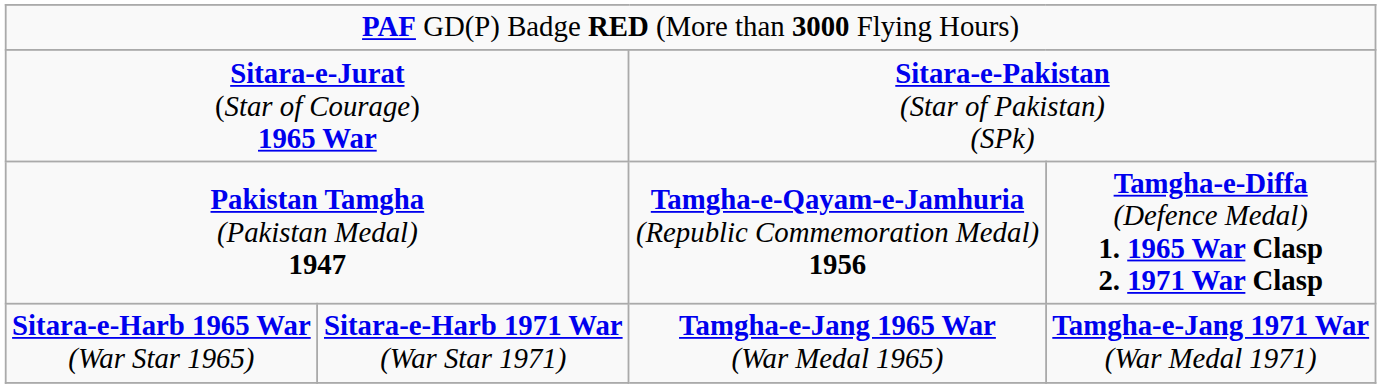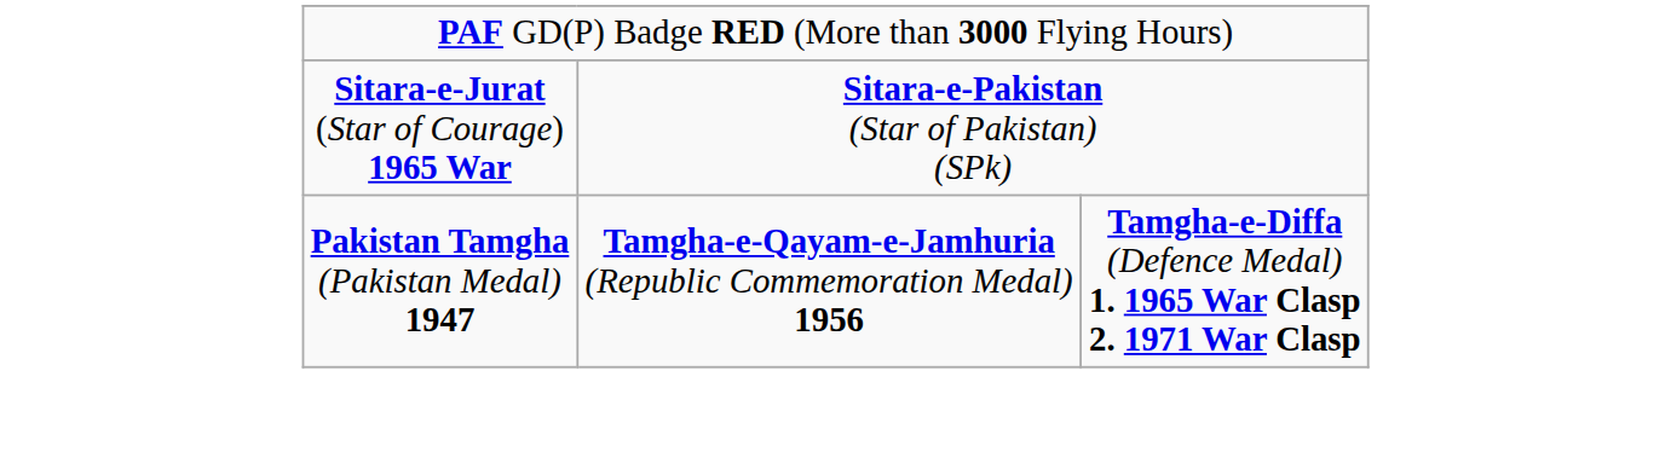 <table class="wikitable" style="margin:1em auto; text-align:center;">
 <tr>
 <td colspan="4"><strong><a href='#'>PAF</a></strong> GD(P) Badge <strong>RED</strong> (More than <strong>3000</strong> Flying Hours)</td>
 </tr>
 <tr>
 <td colspan="2"><strong><a href='#'>Sitara-e-Jurat</a></strong><br>(<em>Star of Courage</em>)<br><strong><a href='#'>1965 War</a></strong></td>
 <td colspan="2"><strong><a href='#'>Sitara-e-Pakistan</a></strong><br><em>(Star of Pakistan)</em><br><em>(SPk)</em></td>
 </tr>
 <tr>
 <td colspan="2"><strong><a href='#'>Pakistan Tamgha</a></strong><br><em>(Pakistan Medal)</em><br><strong>1947</strong></td>
 <td><strong><a href='#'>Tamgha-e-Qayam-e-Jamhuria</a></strong><br><em>(Republic Commemoration Medal)</em><br><strong>1956</strong></td>
 <td><strong><a href='#'>Tamgha-e-Diffa</a></strong><br><em>(Defence Medal)</em><br><strong>1. <a href='#'>1965 War</a> Clasp</strong><br><strong>2. <a href='#'>1971 War</a> Clasp</strong></td>
 </tr>
-<tr>
-<td><strong><a href='#'>Sitara-e-Harb 1965 War</a></strong><br><em>(War Star 1965)</em></td>
-<td><strong><a href='#'>Sitara-e-Harb 1971 War</a></strong><br><em>(War Star 1971)</em></td>
-<td><strong><a href='#'>Tamgha-e-Jang 1965 War</a></strong><br><em>(War Medal 1965)</em></td>
-<td><strong><a href='#'>Tamgha-e-Jang 1971 War</a></strong><br><em>(War Medal 1971)</em></td>
-</tr>
 </table>
